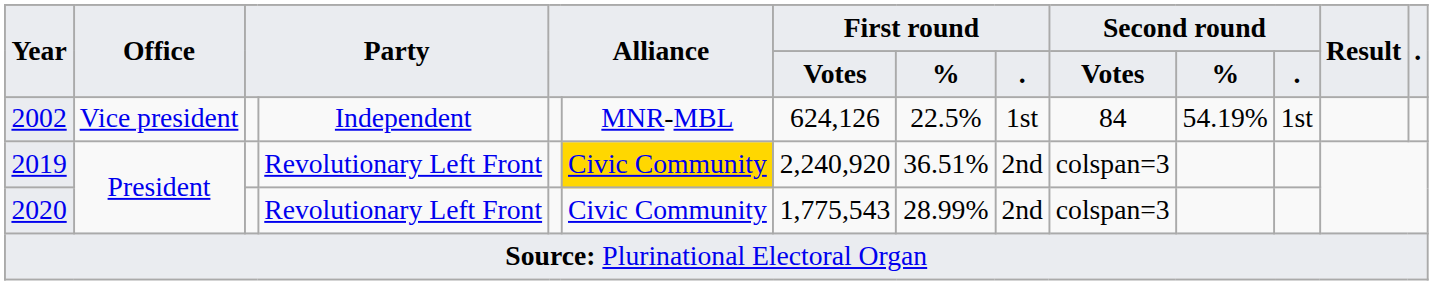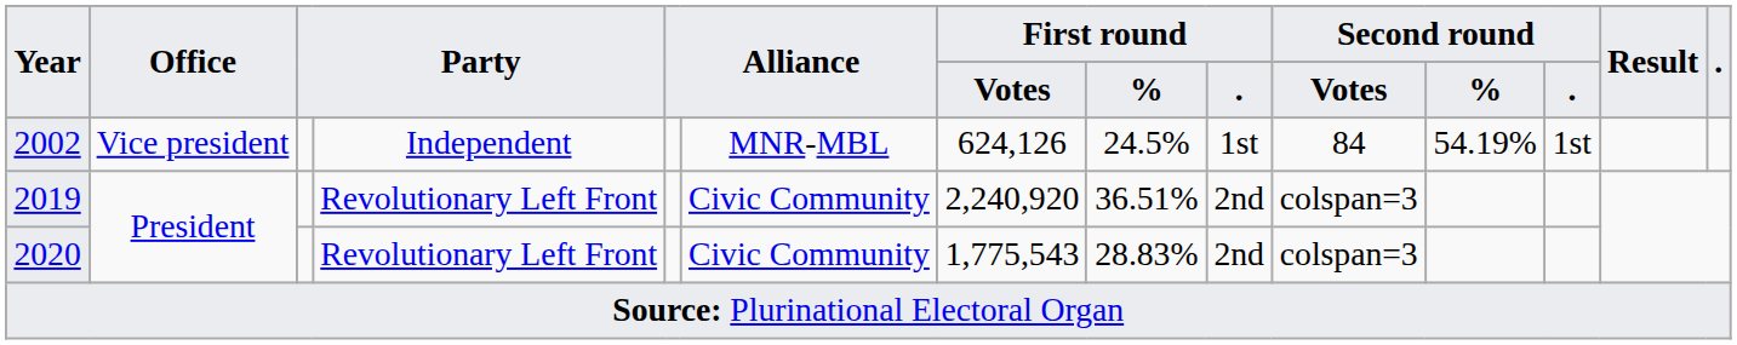 <table class="wikitable" style="font-size:90%; text-align:center;">
 <tr>
 <th style="background-color:#EAECF0;" rowspan=2>Year</th>
 <th style="background-color:#EAECF0;" rowspan=2>Office</th>
 <th style="background-color:#EAECF0;" colspan=2 rowspan=2>Party</th>
 <th style="background-color:#EAECF0;" colspan=2 rowspan=2>Alliance</th>
 <th style="background-color:#EAECF0;" colspan=3>First round</th>
 <th style="background-color:#EAECF0;" colspan=3>Second round</th>
 <th style="background-color:#EAECF0;" rowspan=2>Result</th>
 <th style="background-color:#EAECF0;" rowspan=2>.</th>
 </tr>
 <tr>
 <th style="background-color:#EAECF0;">Votes</th>
 <th style="background-color:#EAECF0;">%</th>
 <th style="background-color:#EAECF0;">.</th>
 <th style="background-color:#EAECF0;">Votes</th>
 <th style="background-color:#EAECF0;">%</th>
 <th style="background-color:#EAECF0;">.</th>
 </tr>
 <tr>
 <td style="background-color:#EAECF0;"><a href='#'>2002</a></td>
 <td><a href='#'>Vice president</a></td>
 <td style="background-color:"></td>
 <td><a href='#'>Independent</a></td>
 <td style="background-color:"></td>
 <td><a href='#'>MNR</a>-<a href='#'>MBL</a></td>
 <td>624,126</td>
-<td>22.5%</td>
+<td>24.5%</td>
 <td>1st</td>
 <td>84</td>
 <td>54.19%</td>
 <td>1st</td>
 <td></td>
 <td></td>
 </tr>
 <tr>
 <td style="background-color:#EAECF0;"><a href='#'>2019</a></td>
 <td rowspan=2><a href='#'>President</a></td>
 <td style="background-color:"></td>
 <td><a href='#'>Revolutionary Left Front</a></td>
 <td style="background-color:"></td>
-<td style="background: gold;"><a href='#'>Civic Community</a></td>
+<td><a href='#'>Civic Community</a></td>
 <td>2,240,920</td>
 <td>36.51%</td>
 <td>2nd</td>
 <td>colspan=3 </td>
 <td></td>
 <td></td>
 </tr>
 <tr>
 <td style="background-color:#EAECF0;"><a href='#'>2020</a></td>
 <td style="background-color:"></td>
 <td><a href='#'>Revolutionary Left Front</a></td>
 <td style="background-color:"></td>
 <td><a href='#'>Civic Community</a></td>
 <td>1,775,543</td>
-<td>28.99%</td>
+<td>28.83%</td>
 <td>2nd</td>
 <td>colspan=3 </td>
 <td></td>
 <td></td>
 </tr>
 <tr>
 <td style="background-color:#EAECF0;" colspan=14><strong>Source:</strong> <a href='#'>Plurinational Electoral Organ</a>  </td>
 </tr>
 </table>
